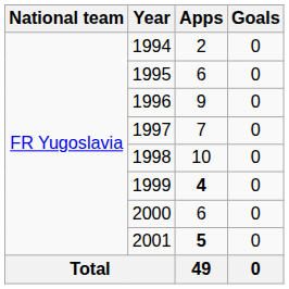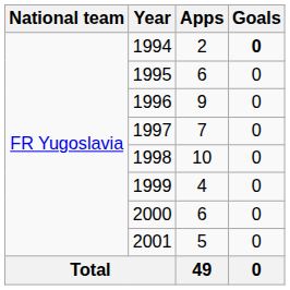 <table class="wikitable" style="text-align:center">
 <tr>
 <th>National team</th>
 <th>Year</th>
 <th>Apps</th>
 <th>Goals</th>
 </tr>
 <tr>
 <td rowspan="8"><a href='#'>FR Yugoslavia</a></td>
 <td>1994</td>
 <td>2</td>
-<td>0</td>
+<td><strong>0</strong></td>
 </tr>
 <tr>
 <td>1995</td>
 <td>6</td>
 <td>0</td>
 </tr>
 <tr>
 <td>1996</td>
 <td>9</td>
 <td>0</td>
 </tr>
 <tr>
 <td>1997</td>
 <td>7</td>
 <td>0</td>
 </tr>
 <tr>
 <td>1998</td>
 <td>10</td>
 <td>0</td>
 </tr>
 <tr>
 <td>1999</td>
-<td><strong>4</strong></td>
+<td>4</td>
 <td>0</td>
 </tr>
 <tr>
 <td>2000</td>
 <td>6</td>
 <td>0</td>
 </tr>
 <tr>
 <td>2001</td>
-<td><strong>5</strong></td>
+<td>5</td>
 <td>0</td>
 </tr>
 <tr>
 <th colspan="2">Total</th>
 <th>49</th>
 <th>0</th>
 </tr>
 </table>
